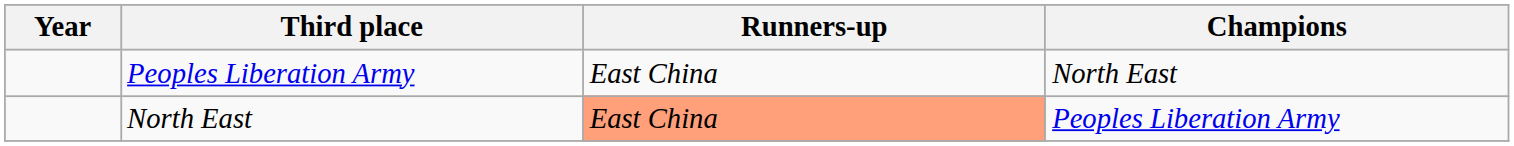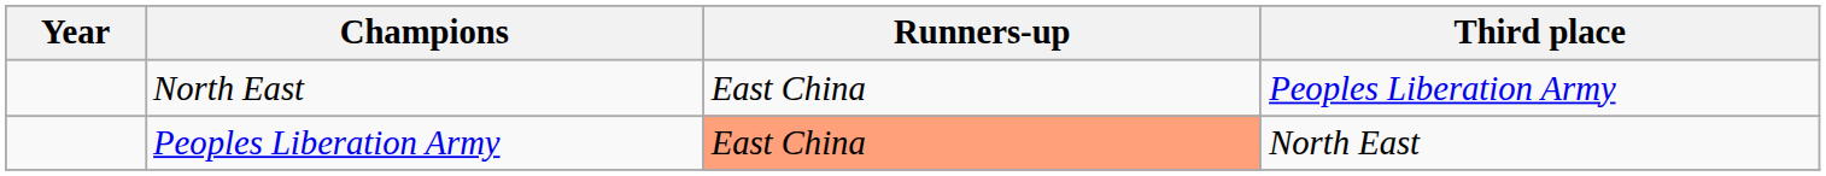 <table class="wikitable">
 <tr>
 <th style="width:5%;">Year</th>
+<th style="width:20%;">Champions</th>
+<th style="width:20%;">Runners-up</th>
 <th style="width:20%;">Third place</th>
-<th style="width:20%;">Runners-up</th>
-<th style="width:20%;">Champions</th>
+</tr>
+<tr>
+<td></td>
+<td><em>North East</em></td>
+<td><em>East China</em></td>
+<td><em><a href='#'>Peoples Liberation Army</a></em></td>
 </tr>
 <tr>
 <td></td>
 <td><em><a href='#'>Peoples Liberation Army</a></em></td>
-<td><em>East China</em></td>
+<td style="background: lightsalmon;"><em>East China</em></td>
 <td><em>North East</em></td>
 </tr>
-<tr>
-<td></td>
-<td><em>North East</em></td>
-<td style="background: lightsalmon;"><em>East China</em></td>
-<td><em><a href='#'>Peoples Liberation Army</a></em></td>
-</tr>
 </table>
